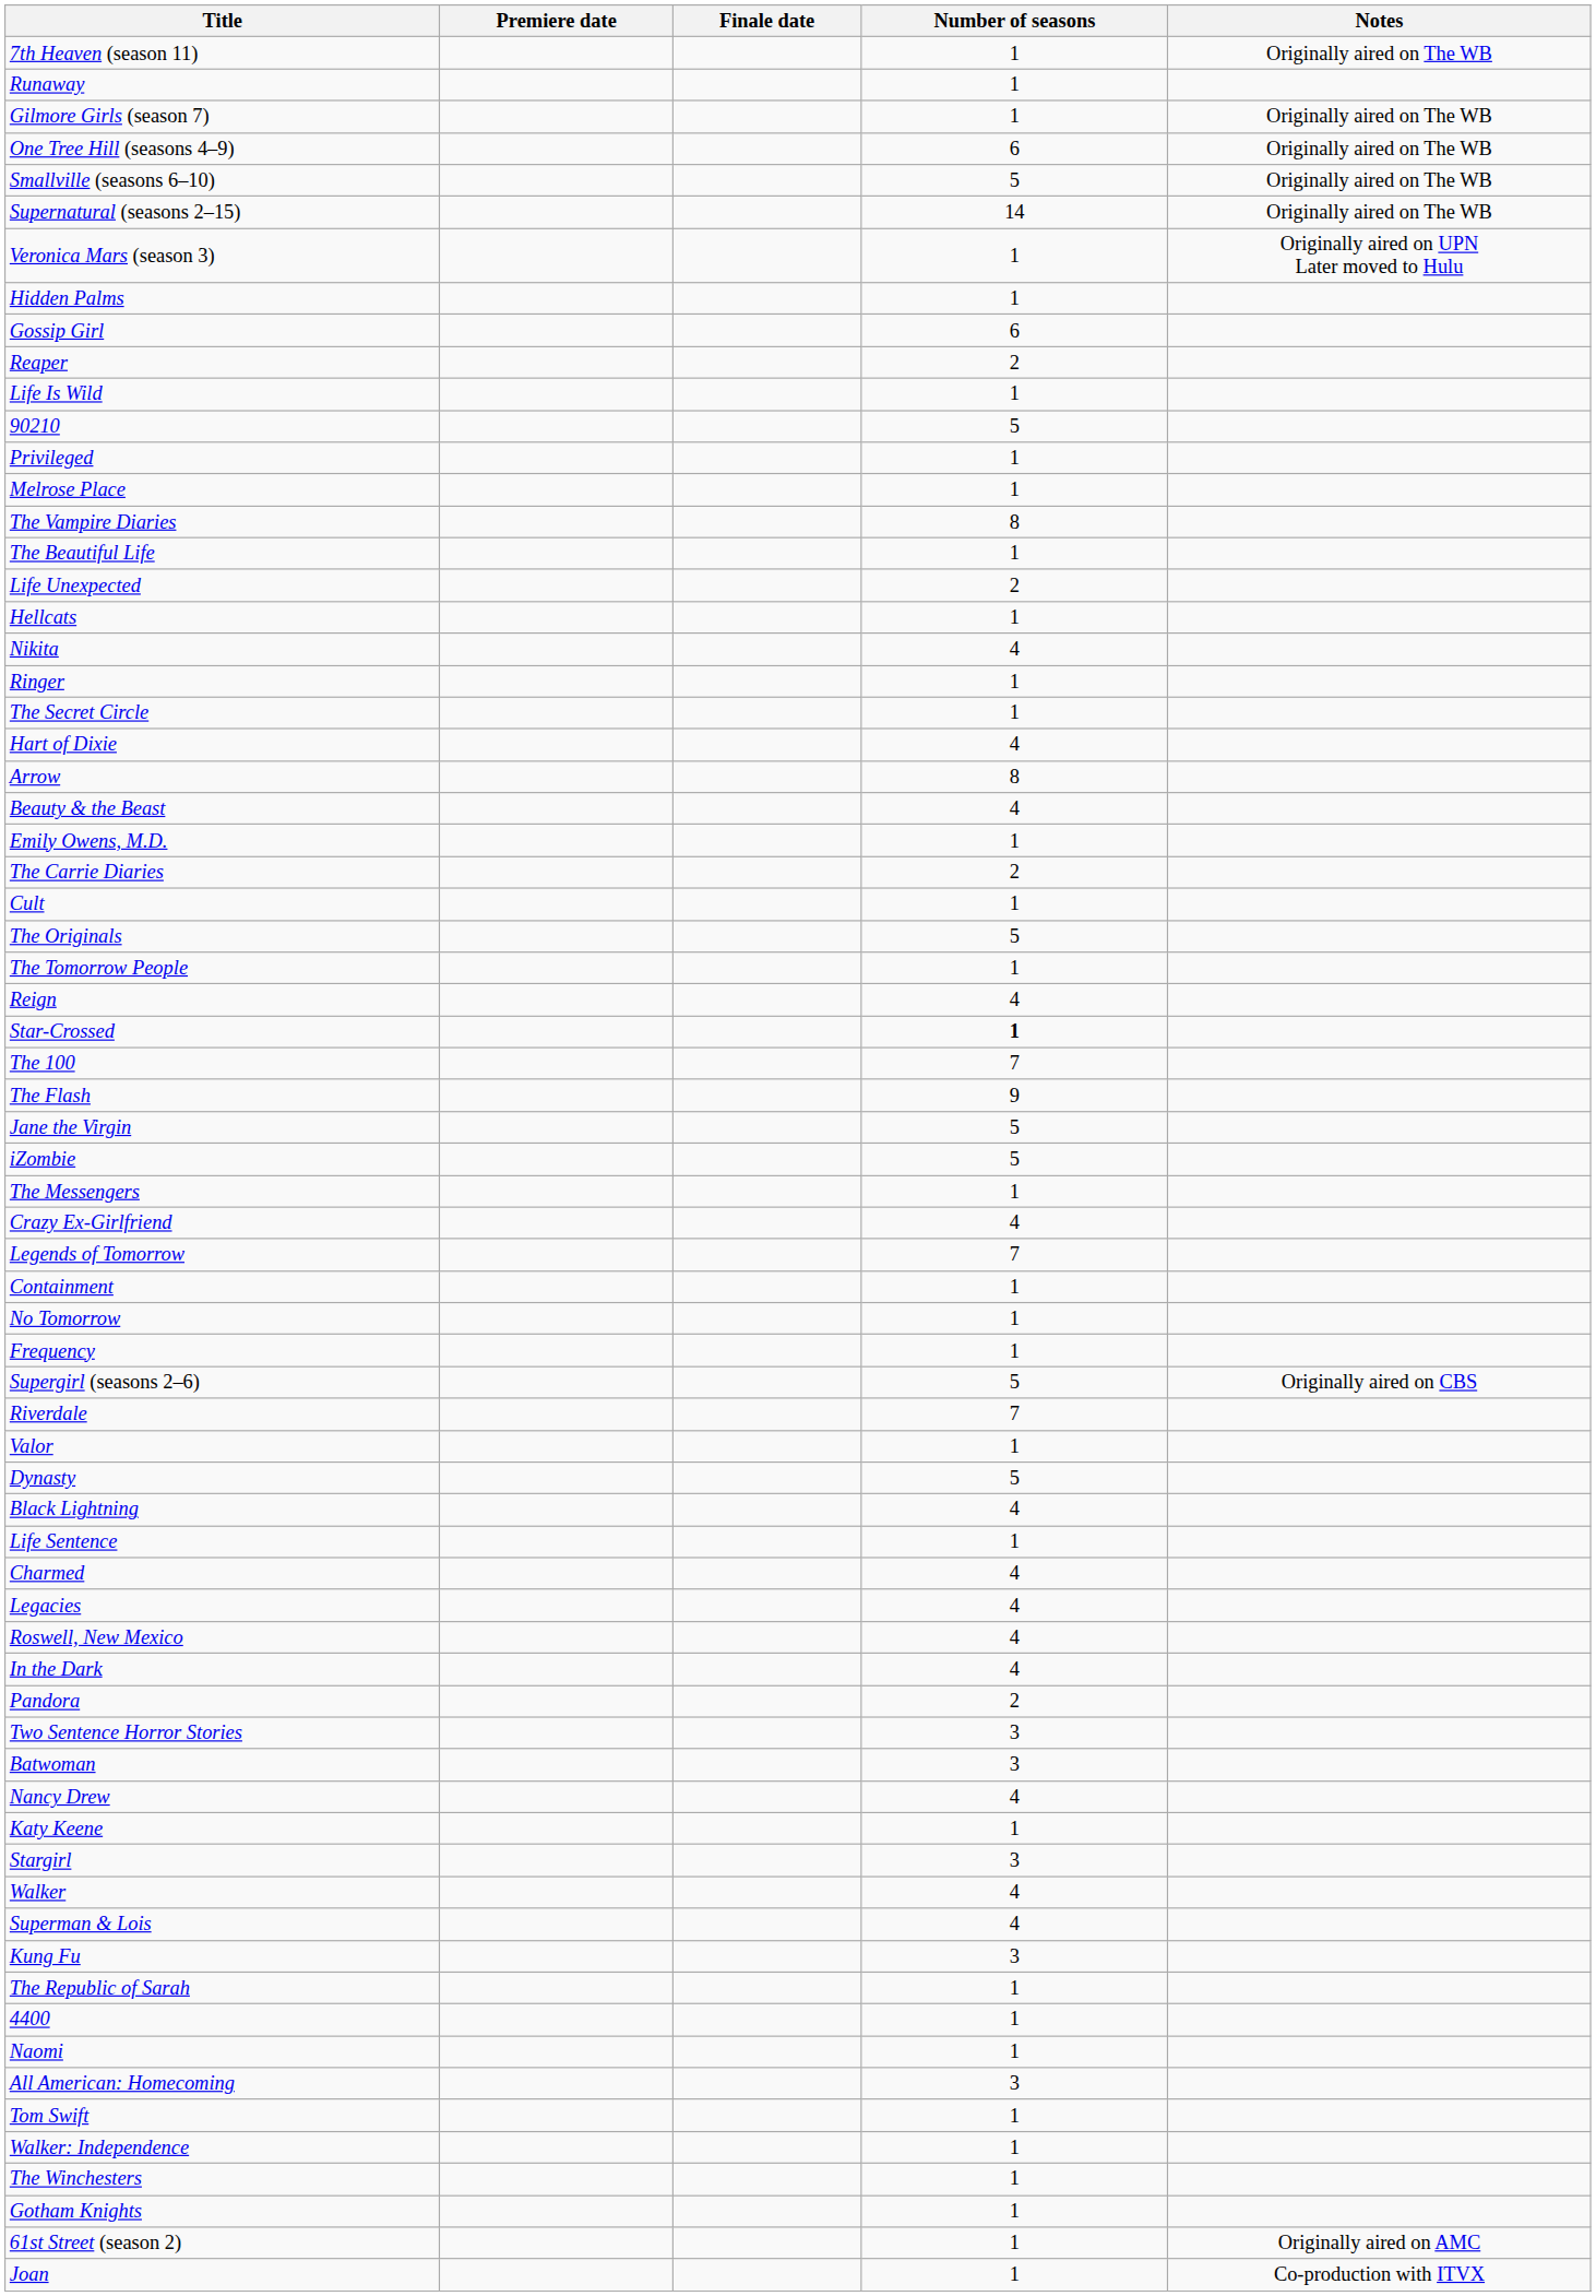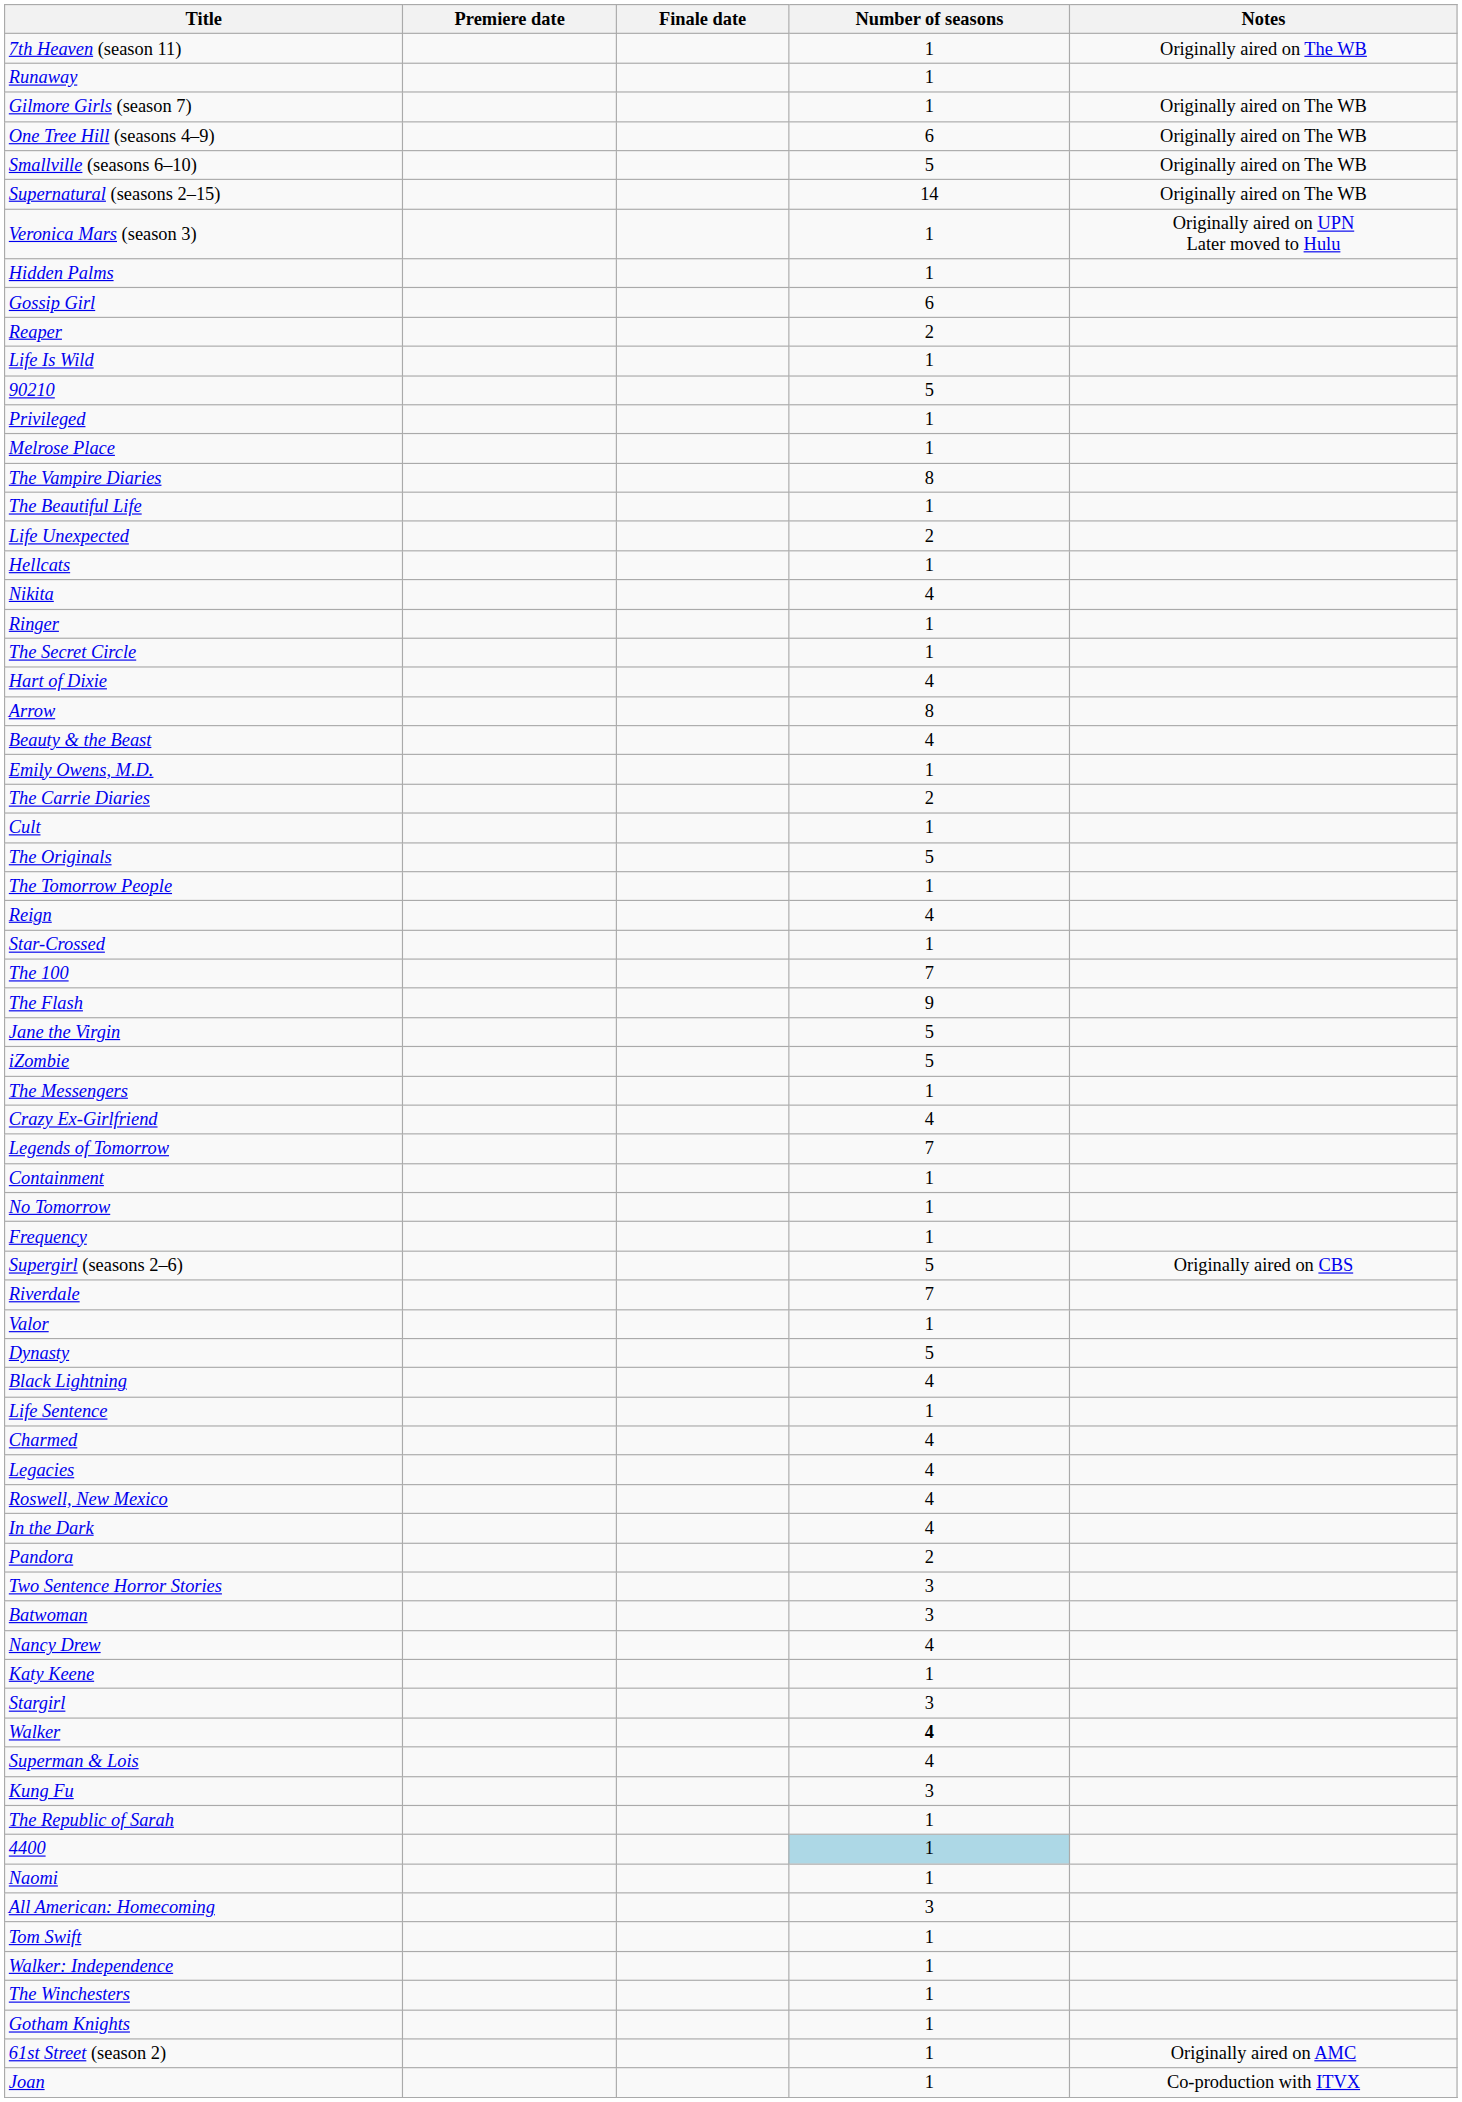 <table class="wikitable plainrowheaders sortable" style="width:100%;text-align:center;">
 <tr>
 <th ! scope="col">Title</th>
 <th scope="col">Premiere date</th>
 <th scope="col">Finale date</th>
 <th scope="col">Number of seasons</th>
 <th scope="col">Notes</th>
 </tr>
 <tr>
 <td scope="row" style="text-align:left;"><em><a href='#'>7th Heaven</a></em> (season 11)</td>
 <td></td>
 <td></td>
 <td>1</td>
 <td>Originally aired on <a href='#'>The WB</a></td>
 </tr>
 <tr>
 <td scope="row" style="text-align:left;"><em><a href='#'>Runaway</a></em></td>
 <td></td>
 <td></td>
 <td>1</td>
 <td></td>
 </tr>
 <tr>
 <td scope="row" style="text-align:left;"><em><a href='#'>Gilmore Girls</a></em> (season 7)</td>
 <td></td>
 <td></td>
 <td>1</td>
 <td>Originally aired on The WB</td>
 </tr>
 <tr>
 <td scope="row" style="text-align:left;"><em><a href='#'>One Tree Hill</a></em> (seasons 4–9)</td>
 <td></td>
 <td></td>
 <td>6</td>
 <td>Originally aired on The WB</td>
 </tr>
 <tr>
 <td scope="row" style="text-align:left;"><em><a href='#'>Smallville</a></em> (seasons 6–10)</td>
 <td></td>
 <td></td>
 <td>5</td>
 <td>Originally aired on The WB</td>
 </tr>
 <tr>
 <td scope="row" style="text-align:left;"><em><a href='#'>Supernatural</a></em> (seasons 2–15)</td>
 <td></td>
 <td></td>
 <td>14</td>
 <td>Originally aired on The WB</td>
 </tr>
 <tr>
 <td scope="row" style="text-align:left;"><em><a href='#'>Veronica Mars</a></em> (season 3)</td>
 <td></td>
 <td></td>
 <td>1</td>
 <td>Originally aired on <a href='#'>UPN</a><br>Later moved to <a href='#'>Hulu</a></td>
 </tr>
 <tr>
 <td scope="row" style="text-align:left;"><em><a href='#'>Hidden Palms</a></em></td>
 <td></td>
 <td></td>
 <td>1</td>
 <td></td>
 </tr>
 <tr>
 <td scope="row" style="text-align:left;"><em><a href='#'>Gossip Girl</a></em></td>
 <td></td>
 <td></td>
 <td>6</td>
 <td></td>
 </tr>
 <tr>
 <td scope="row" style="text-align:left;"><em><a href='#'>Reaper</a></em></td>
 <td></td>
 <td></td>
 <td>2</td>
 <td></td>
 </tr>
 <tr>
 <td scope="row" style="text-align:left;"><em><a href='#'>Life Is Wild</a></em></td>
 <td></td>
 <td></td>
 <td>1</td>
 <td></td>
 </tr>
 <tr>
 <td scope="row" style="text-align:left;"><em><a href='#'>90210</a></em></td>
 <td></td>
 <td></td>
 <td>5</td>
 <td></td>
 </tr>
 <tr>
 <td scope="row" style="text-align:left;"><em><a href='#'>Privileged</a></em></td>
 <td></td>
 <td></td>
 <td>1</td>
 <td></td>
 </tr>
 <tr>
 <td scope="row" style="text-align:left;"><em><a href='#'>Melrose Place</a></em></td>
 <td></td>
 <td></td>
 <td>1</td>
 <td></td>
 </tr>
 <tr>
 <td scope="row" style="text-align:left;"><em><a href='#'>The Vampire Diaries</a></em></td>
 <td></td>
 <td></td>
 <td>8</td>
 <td></td>
 </tr>
 <tr>
 <td scope="row" style="text-align:left;"><em><a href='#'>The Beautiful Life</a></em></td>
 <td></td>
 <td></td>
 <td>1</td>
 <td></td>
 </tr>
 <tr>
 <td scope="row" style="text-align:left;"><em><a href='#'>Life Unexpected</a></em></td>
 <td></td>
 <td></td>
 <td>2</td>
 <td></td>
 </tr>
 <tr>
 <td scope="row" style="text-align:left;"><em><a href='#'>Hellcats</a></em></td>
 <td></td>
 <td></td>
 <td>1</td>
 <td></td>
 </tr>
 <tr>
 <td scope="row" style="text-align:left;"><em><a href='#'>Nikita</a></em></td>
 <td></td>
 <td></td>
 <td>4</td>
 <td></td>
 </tr>
 <tr>
 <td scope="row" style="text-align:left;"><em><a href='#'>Ringer</a></em></td>
 <td></td>
 <td></td>
 <td>1</td>
 <td></td>
 </tr>
 <tr>
 <td scope="row" style="text-align:left;"><em><a href='#'>The Secret Circle</a></em></td>
 <td></td>
 <td></td>
 <td>1</td>
 <td></td>
 </tr>
 <tr>
 <td scope="row" style="text-align:left;"><em><a href='#'>Hart of Dixie</a></em></td>
 <td></td>
 <td></td>
 <td>4</td>
 <td></td>
 </tr>
 <tr>
 <td scope="row" style="text-align:left;"><em><a href='#'>Arrow</a></em></td>
 <td></td>
 <td></td>
 <td>8</td>
 <td></td>
 </tr>
 <tr>
 <td scope="row" style="text-align:left;"><em><a href='#'>Beauty & the Beast</a></em></td>
 <td></td>
 <td></td>
 <td>4</td>
 <td></td>
 </tr>
 <tr>
 <td scope="row" style="text-align:left;"><em><a href='#'>Emily Owens, M.D.</a></em></td>
 <td></td>
 <td></td>
 <td>1</td>
 <td></td>
 </tr>
 <tr>
 <td scope="row" style="text-align:left;"><em><a href='#'>The Carrie Diaries</a></em></td>
 <td></td>
 <td></td>
 <td>2</td>
 <td></td>
 </tr>
 <tr>
 <td scope="row" style="text-align:left;"><em><a href='#'>Cult</a></em></td>
 <td></td>
 <td></td>
 <td>1</td>
 <td></td>
 </tr>
 <tr>
 <td scope="row" style="text-align:left;"><em><a href='#'>The Originals</a></em></td>
 <td></td>
 <td></td>
 <td>5</td>
 <td></td>
 </tr>
 <tr>
 <td scope="row" style="text-align:left;"><em><a href='#'>The Tomorrow People</a></em></td>
 <td></td>
 <td></td>
 <td>1</td>
 <td></td>
 </tr>
 <tr>
 <td scope="row" style="text-align:left;"><em><a href='#'>Reign</a></em></td>
 <td></td>
 <td></td>
 <td>4</td>
 <td></td>
 </tr>
 <tr>
 <td scope="row" style="text-align:left;"><em><a href='#'>Star-Crossed</a></em></td>
 <td></td>
 <td></td>
-<td><strong>1</strong></td>
+<td>1</td>
 <td></td>
 </tr>
 <tr>
 <td scope="row" style="text-align:left;"><em><a href='#'>The 100</a></em></td>
 <td></td>
 <td></td>
 <td>7</td>
 <td></td>
 </tr>
 <tr>
 <td scope="row" style="text-align:left;"><em><a href='#'>The Flash</a></em></td>
 <td></td>
 <td></td>
 <td>9</td>
 <td></td>
 </tr>
 <tr>
 <td scope="row" style="text-align:left;"><em><a href='#'>Jane the Virgin</a></em></td>
 <td></td>
 <td></td>
 <td>5</td>
 <td></td>
 </tr>
 <tr>
 <td scope="row" style="text-align:left;"><em><a href='#'>iZombie</a></em></td>
 <td></td>
 <td></td>
 <td>5</td>
 <td></td>
 </tr>
 <tr>
 <td scope="row" style="text-align:left;"><em><a href='#'>The Messengers</a></em></td>
 <td></td>
 <td></td>
 <td>1</td>
 <td></td>
 </tr>
 <tr>
 <td scope="row" style="text-align:left;"><em><a href='#'>Crazy Ex-Girlfriend</a></em></td>
 <td></td>
 <td></td>
 <td>4</td>
 <td></td>
 </tr>
 <tr>
 <td scope="row" style="text-align:left;"><em><a href='#'>Legends of Tomorrow</a></em></td>
 <td></td>
 <td></td>
 <td>7</td>
 <td></td>
 </tr>
 <tr>
 <td scope="row" style="text-align:left;"><em><a href='#'>Containment</a></em></td>
 <td></td>
 <td></td>
 <td>1</td>
 <td></td>
 </tr>
 <tr>
 <td scope="row" style="text-align:left;"><em><a href='#'>No Tomorrow</a></em></td>
 <td></td>
 <td></td>
 <td>1</td>
 <td></td>
 </tr>
 <tr>
 <td scope="row" style="text-align:left;"><em><a href='#'>Frequency</a></em></td>
 <td></td>
 <td></td>
 <td>1</td>
 <td></td>
 </tr>
 <tr>
 <td scope="row" style="text-align:left;"><em><a href='#'>Supergirl</a></em> (seasons 2–6)</td>
 <td></td>
 <td></td>
 <td>5</td>
 <td>Originally aired on <a href='#'>CBS</a></td>
 </tr>
 <tr>
 <td scope="row" style="text-align:left;"><em><a href='#'>Riverdale</a></em></td>
 <td></td>
 <td></td>
 <td>7</td>
 <td></td>
 </tr>
 <tr>
 <td scope="row" style="text-align:left;"><em><a href='#'>Valor</a></em></td>
 <td></td>
 <td></td>
 <td>1</td>
 <td></td>
 </tr>
 <tr>
 <td scope="row" style="text-align:left;"><em><a href='#'>Dynasty</a></em></td>
 <td></td>
 <td></td>
 <td>5</td>
 <td></td>
 </tr>
 <tr>
 <td scope="row" style="text-align:left;"><em><a href='#'>Black Lightning</a></em></td>
 <td></td>
 <td></td>
 <td>4</td>
 <td></td>
 </tr>
 <tr>
 <td scope="row" style="text-align:left;"><em><a href='#'>Life Sentence</a></em></td>
 <td></td>
 <td></td>
 <td>1</td>
 <td></td>
 </tr>
 <tr>
 <td scope="row" style="text-align:left;"><em><a href='#'>Charmed</a></em></td>
 <td></td>
 <td></td>
 <td>4</td>
 <td></td>
 </tr>
 <tr>
 <td scope="row" style="text-align:left;"><em><a href='#'>Legacies</a></em></td>
 <td></td>
 <td></td>
 <td>4</td>
 <td></td>
 </tr>
 <tr>
 <td scope="row" style="text-align:left;"><em><a href='#'>Roswell, New Mexico</a></em></td>
 <td></td>
 <td></td>
 <td>4</td>
 <td></td>
 </tr>
 <tr>
 <td scope="row" style="text-align:left;"><em><a href='#'>In the Dark</a></em></td>
 <td></td>
 <td></td>
 <td>4</td>
 <td></td>
 </tr>
 <tr>
 <td scope="row" style="text-align:left;"><em><a href='#'>Pandora</a></em></td>
 <td></td>
 <td></td>
 <td>2</td>
 <td></td>
 </tr>
 <tr>
 <td scope="row" style="text-align:left;"><em><a href='#'>Two Sentence Horror Stories</a></em></td>
 <td></td>
 <td></td>
 <td>3</td>
 <td></td>
 </tr>
 <tr>
 <td scope="row" style="text-align:left;"><em><a href='#'>Batwoman</a></em></td>
 <td></td>
 <td></td>
 <td>3</td>
 <td></td>
 </tr>
 <tr>
 <td scope="row" style="text-align:left;"><em><a href='#'>Nancy Drew</a></em></td>
 <td></td>
 <td></td>
 <td>4</td>
 <td></td>
 </tr>
 <tr>
 <td scope="row" style="text-align:left;"><em><a href='#'>Katy Keene</a></em></td>
 <td></td>
 <td></td>
 <td>1</td>
 <td></td>
 </tr>
 <tr>
 <td scope="row" style="text-align:left;"><em><a href='#'>Stargirl</a></em></td>
 <td></td>
 <td></td>
 <td>3</td>
 <td></td>
 </tr>
 <tr>
 <td scope="row" style="text-align:left;"><em><a href='#'>Walker</a></em></td>
 <td></td>
 <td></td>
-<td>4</td>
+<td><strong>4</strong></td>
 <td></td>
 </tr>
 <tr>
 <td scope="row" style="text-align:left;"><em><a href='#'>Superman & Lois</a></em></td>
 <td></td>
 <td></td>
 <td>4</td>
 <td></td>
 </tr>
 <tr>
 <td scope="row" style="text-align:left;"><em><a href='#'>Kung Fu</a></em></td>
 <td></td>
 <td></td>
 <td>3</td>
 <td></td>
 </tr>
 <tr>
 <td scope="row" style="text-align:left;"><em><a href='#'>The Republic of Sarah</a></em></td>
 <td></td>
 <td></td>
 <td>1</td>
 <td></td>
 </tr>
 <tr>
 <td scope="row" style="text-align:left;"><em><a href='#'>4400</a></em></td>
 <td></td>
 <td></td>
-<td>1</td>
+<td style="background: lightblue;">1</td>
 <td></td>
 </tr>
 <tr>
 <td scope="row" style="text-align:left;"><em><a href='#'>Naomi</a></em></td>
 <td></td>
 <td></td>
 <td>1</td>
 <td></td>
 </tr>
 <tr>
 <td scope="row" style="text-align:left;"><em><a href='#'>All American: Homecoming</a></em></td>
 <td></td>
 <td></td>
 <td>3</td>
 <td></td>
 </tr>
 <tr>
 <td scope="row" style="text-align:left;"><em><a href='#'>Tom Swift</a></em></td>
 <td></td>
 <td></td>
 <td>1</td>
 <td></td>
 </tr>
 <tr>
 <td scope="row" style="text-align:left;"><em><a href='#'>Walker: Independence</a></em></td>
 <td></td>
 <td></td>
 <td>1</td>
 <td></td>
 </tr>
 <tr>
 <td scope="row" style="text-align:left;"><em><a href='#'>The Winchesters</a></em></td>
 <td></td>
 <td></td>
 <td>1</td>
 <td></td>
 </tr>
 <tr>
 <td scope="row" style="text-align:left;"><em><a href='#'>Gotham Knights</a></em></td>
 <td></td>
 <td></td>
 <td>1</td>
 <td></td>
 </tr>
 <tr>
 <td scope="row" style="text-align:left;"><em><a href='#'>61st Street</a></em> (season 2)</td>
 <td></td>
 <td></td>
 <td>1</td>
 <td>Originally aired on <a href='#'>AMC</a></td>
 </tr>
 <tr>
 <td scope="row" style="text-align:left;"><em><a href='#'>Joan</a></em></td>
 <td></td>
 <td></td>
 <td>1</td>
 <td>Co-production with <a href='#'>ITVX</a></td>
 </tr>
 <tr>
 </tr>
 </table>
